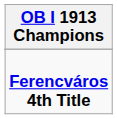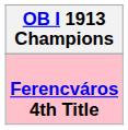 <table class="wikitable" style="text-align: center; margin: 0 auto;">
 <tr>
 <th><a href='#'>OB I</a> 1913<br>Champions</th>
 </tr>
 <tr>
 </tr>
 <tr>
-<td> <br><strong><a href='#'>Ferencváros</a></strong><br><strong>4th Title</strong></td>
+<td style="background: pink;"> <br><strong><a href='#'>Ferencváros</a></strong><br><strong>4th Title</strong></td>
 </tr>
 </table>
